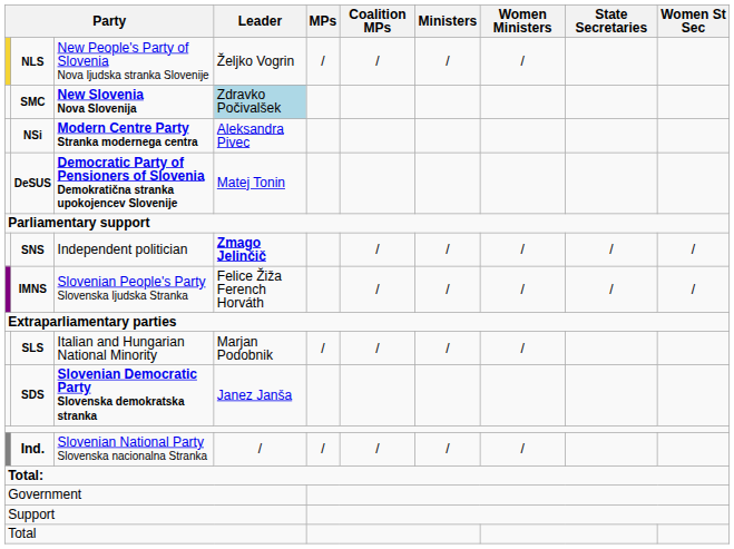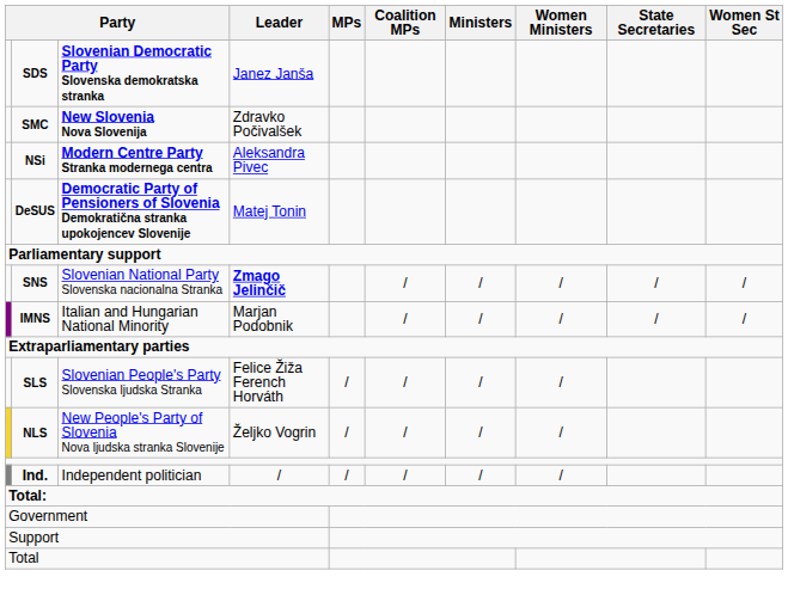 <table class="wikitable" style="line-height:16px;">
 <tr>
 <th colspan="3">Party</th>
 <th>Leader</th>
 <th>MPs</th>
 <th>Coalition MPs</th>
 <th>Ministers</th>
 <th>Women Ministers</th>
 <th>State Secretaries</th>
 <th>Women St Sec</th>
 </tr>
 <tr>
-<td style="background:#F4D435"></td>
-<td style="text-align:center;"><strong><small>NLS</small></strong></td>
-<td><a href='#'>New People's Party of Slovenia</a><br><small>Nova ljudska stranka Slovenije</small></td>
-<td>Željko Vogrin</td>
-<td style="text-align:center;">/</td>
-<td style="text-align:center;">/</td>
-<td style="text-align:center;">/</td>
-<td style="text-align:center;">/</td>
+<td style="background:"></td>
+<td style="text-align:center;"><strong><small>SDS</small></strong></td>
+<td><strong><a href='#'>Slovenian Democratic Party</a><br><small>Slovenska demokratska stranka</small></strong></td>
+<td><a href='#'>Janez Janša</a></td>
+<td style="text-align:right;"></td>
+<td style="text-align:right;"></td>
+<td style="text-align:right;"></td>
+<td style="text-align:right;"></td>
 <td style="text-align:right;"></td>
 <td style="text-align:right;"></td>
 </tr>
 <tr>
 <td style="background:"></td>
 <td style="text-align:center;"><strong><small>SMC</small></strong></td>
 <td><strong><a href='#'>New Slovenia</a><br><small>Nova Slovenija</small></strong></td>
-<td style="background: lightblue;">Zdravko Počivalšek</td>
+<td>Zdravko Počivalšek</td>
 <td style="text-align:right;"></td>
 <td style="text-align:right;"></td>
 <td style="text-align:right;"></td>
 <td style="text-align:right;"></td>
 <td style="text-align:right;"></td>
 <td style="text-align:right;"></td>
 </tr>
 <tr>
 <td style="background:"></td>
 <td style="text-align:center;"><strong><small>NSi</small></strong></td>
 <td><strong><a href='#'>Modern Centre Party</a><br><small>Stranka modernega centra</small></strong></td>
 <td><a href='#'>Aleksandra Pivec</a></td>
 <td style="text-align:right;"></td>
 <td style="text-align:right;"></td>
 <td style="text-align:right;"></td>
 <td style="text-align:right;"></td>
 <td style="text-align:right;"></td>
 <td style="text-align:right;"></td>
 </tr>
 <tr>
 <td style="background:"></td>
 <td style="text-align:center;"><strong><small>DeSUS</small></strong></td>
 <td><strong><a href='#'>Democratic Party of Pensioners of Slovenia</a><br><small>Demokratična stranka upokojencev Slovenije</small></strong></td>
 <td><a href='#'>Matej Tonin</a></td>
 <td style="text-align:right;"></td>
 <td style="text-align:right;"></td>
 <td style="text-align:right;"></td>
 <td style="text-align:right;"></td>
 <td style="text-align:right;"></td>
 <td style="text-align:right;"></td>
 </tr>
 <tr>
 <td colspan="10"><strong>Parliamentary support</strong></td>
 </tr>
 <tr>
 <td style="background:"></td>
 <td style="text-align:center;"><strong><small>SNS</small></strong></td>
-<td>Independent politician</td>
+<td><a href='#'>Slovenian National Party</a><br><small>Slovenska nacionalna Stranka</small></td>
 <td><strong><a href='#'>Zmago Jelinčič</a></strong></td>
 <td style="text-align:right;"></td>
 <td style="text-align:center;">/</td>
 <td style="text-align:center;">/</td>
 <td style="text-align:center;">/</td>
 <td style="text-align:center;">/</td>
 <td style="text-align:center;">/</td>
 </tr>
 <tr>
 <td style="background:purple"></td>
 <td style="text-align:center;"><strong><small>IMNS</small></strong></td>
-<td><a href='#'>Slovenian People's Party</a><br><small>Slovenska ljudska Stranka</small></td>
-<td>Felice Žiža<br>Ferench Horváth</td>
+<td>Italian and Hungarian National Minority</td>
+<td>Marjan Podobnik</td>
 <td style="text-align:right;"></td>
 <td style="text-align:center;">/</td>
 <td style="text-align:center;">/</td>
 <td style="text-align:center;">/</td>
 <td style="text-align:center;">/</td>
 <td style="text-align:center;">/</td>
 </tr>
 <tr>
 <td colspan="10"><strong>Extraparliamentary parties</strong></td>
 </tr>
 <tr>
 <td style="background:"></td>
 <td style="text-align:center;"><strong><small>SLS</small></strong></td>
-<td>Italian and Hungarian National Minority</td>
-<td>Marjan Podobnik</td>
+<td><a href='#'>Slovenian People's Party</a><br><small>Slovenska ljudska Stranka</small></td>
+<td>Felice Žiža<br>Ferench Horváth</td>
 <td style="text-align:center;">/</td>
 <td style="text-align:center;">/</td>
 <td style="text-align:center;">/</td>
 <td style="text-align:center;">/</td>
 <td style="text-align:right;"></td>
 <td style="text-align:right;"></td>
 </tr>
 <tr>
-<td style="background:"></td>
-<td style="text-align:center;"><strong><small>SDS</small></strong></td>
-<td><strong><a href='#'>Slovenian Democratic Party</a><br><small>Slovenska demokratska stranka</small></strong></td>
-<td><a href='#'>Janez Janša</a></td>
-<td style="text-align:right;"></td>
-<td style="text-align:right;"></td>
-<td style="text-align:right;"></td>
-<td style="text-align:right;"></td>
+<td style="background:#F4D435"></td>
+<td style="text-align:center;"><strong><small>NLS</small></strong></td>
+<td><a href='#'>New People's Party of Slovenia</a><br><small>Nova ljudska stranka Slovenije</small></td>
+<td>Željko Vogrin</td>
+<td style="text-align:center;">/</td>
+<td style="text-align:center;">/</td>
+<td style="text-align:center;">/</td>
+<td style="text-align:center;">/</td>
 <td style="text-align:right;"></td>
 <td style="text-align:right;"></td>
 </tr>
 <tr>
 <td colspan="10"></td>
 </tr>
 <tr>
 <td style="background:grey"></td>
 <td style="text-align:center;"><strong>Ind.</strong></td>
-<td><a href='#'>Slovenian National Party</a><br><small>Slovenska nacionalna Stranka</small></td>
+<td>Independent politician</td>
 <td style="text-align:center;">/</td>
 <td style="text-align:center;">/</td>
 <td style="text-align:center;">/</td>
 <td style="text-align:center;">/</td>
 <td style="text-align:center;">/</td>
 <td style="text-align:right;"></td>
 <td style="text-align:right;"></td>
 </tr>
 <tr>
 <td colspan="10"><strong>Total:</strong></td>
 </tr>
 <tr>
 <td colspan="4">Government</td>
 <td colspan="6" style="text-align:right;"></td>
 </tr>
 <tr>
 <td colspan="4">Support</td>
 <td colspan="6" style="text-align:right;"></td>
 </tr>
 <tr>
 <td colspan="4">Total</td>
 <td colspan="3" style="text-align:right;"></td>
 <td colspan="2" style="text-align:right;"></td>
 <td style="text-align:right;"></td>
 </tr>
 </table>
